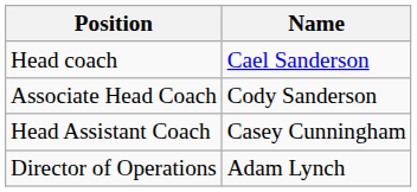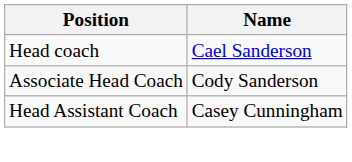 <table class="wikitable">
 <tr>
 <th>Position</th>
 <th>Name</th>
 </tr>
 <tr>
 <td>Head coach</td>
 <td><a href='#'>Cael Sanderson</a></td>
 </tr>
 <tr>
 <td>Associate Head Coach</td>
 <td>Cody Sanderson</td>
 </tr>
 <tr>
 <td>Head Assistant Coach</td>
 <td>Casey Cunningham</td>
 </tr>
-<tr>
-<td>Director of Operations</td>
-<td>Adam Lynch</td>
-</tr>
 </table>
